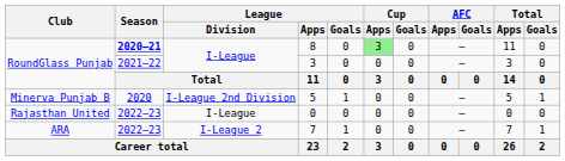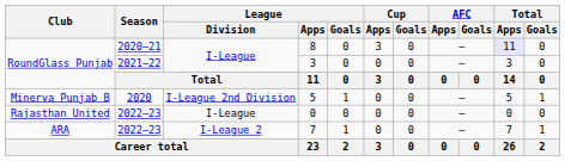 <table class="wikitable" style="text-align:center">
 <tr>
 <th rowspan="2">Club</th>
 <th rowspan="2">Season</th>
 <th colspan="3">League</th>
 <th colspan="2">Cup</th>
 <th colspan="2"><a href='#'>AFC</a></th>
 <th colspan="2">Total</th>
 </tr>
 <tr>
 <th>Division</th>
 <th>Apps</th>
 <th>Goals</th>
 <th>Apps</th>
 <th>Goals</th>
 <th>Apps</th>
 <th>Goals</th>
 <th>Apps</th>
 <th>Goals</th>
 </tr>
 <tr>
 <td rowspan="3"><a href='#'>RoundGlass Punjab</a></td>
-<td><strong><a href='#'>2020–21</a></strong></td>
+<td><a href='#'>2020–21</a></td>
 <td rowspan="2"><a href='#'>I-League</a></td>
 <td>8</td>
 <td>0</td>
-<td style="background: lightgreen;">3</td>
+<td>3</td>
 <td>0</td>
 <td colspan="2">–</td>
-<td>11</td>
+<td style="background: lavender;">11</td>
 <td>0</td>
 </tr>
 <tr>
 <td><a href='#'>2021–22</a></td>
 <td>3</td>
 <td>0</td>
 <td>0</td>
 <td>0</td>
 <td colspan="2">–</td>
 <td>3</td>
 <td>0</td>
 </tr>
 <tr>
 <th colspan="2">Total</th>
 <th>11</th>
 <th>0</th>
 <th>3</th>
 <th>0</th>
 <th>0</th>
 <th>0</th>
 <th>14</th>
 <th>0</th>
 </tr>
 <tr>
 <td rowspan="1"><a href='#'>Minerva Punjab B</a></td>
 <td><a href='#'>2020</a></td>
 <td rowspan="1"><a href='#'>I-League 2nd Division</a></td>
 <td>5</td>
 <td>1</td>
 <td>0</td>
 <td>0</td>
 <td colspan="2">—</td>
 <td>5</td>
 <td>1</td>
 </tr>
 <tr>
 <td rowspan="1"><a href='#'>Rajasthan United</a></td>
 <td><a href='#'>2022–23</a></td>
 <td rowspan="1">I-League</td>
 <td>0</td>
 <td>0</td>
 <td>0</td>
 <td>0</td>
 <td colspan="2">–</td>
 <td>0</td>
 <td>0</td>
 </tr>
 <tr>
 <td rowspan="1"><a href='#'>ARA</a></td>
 <td><a href='#'>2022–23</a></td>
 <td rowspan="1"><a href='#'>I-League 2</a></td>
 <td>7</td>
 <td>1</td>
 <td>0</td>
 <td>0</td>
 <td colspan="2">–</td>
 <td>7</td>
 <td>1</td>
 </tr>
 <tr>
 <th colspan="3">Career total</th>
 <th>23</th>
 <th>2</th>
 <th>3</th>
 <th>0</th>
 <th>0</th>
 <th>0</th>
 <th>26</th>
 <th>2</th>
 </tr>
 </table>
